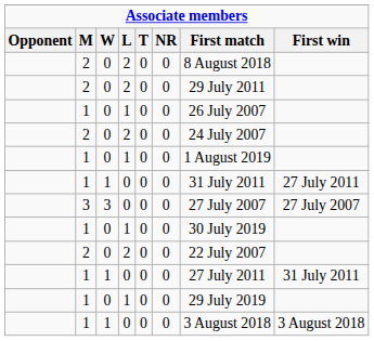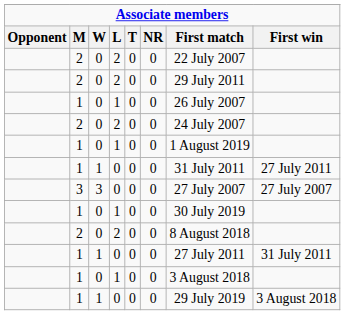 <table class="wikitable" style="text-align: center;">
 <tr>
 </tr>
 <tr>
 <td colspan="30" style="text-align: center;"><strong><a href='#'>Associate members</a></strong></td>
 </tr>
 <tr>
 <th>Opponent</th>
 <th>M</th>
 <th>W</th>
 <th>L</th>
 <th>T</th>
 <th>NR</th>
 <th>First match</th>
 <th>First win</th>
 </tr>
 <tr>
 <td></td>
 <td>2</td>
 <td>0</td>
 <td>2</td>
 <td>0</td>
 <td>0</td>
-<td>8 August 2018</td>
+<td>22 July 2007</td>
 <td></td>
 </tr>
 <tr>
 <td></td>
 <td>2</td>
 <td>0</td>
 <td>2</td>
 <td>0</td>
 <td>0</td>
 <td>29 July 2011</td>
 <td></td>
 </tr>
 <tr>
 <td></td>
 <td>1</td>
 <td>0</td>
 <td>1</td>
 <td>0</td>
 <td>0</td>
 <td>26 July 2007</td>
 <td></td>
 </tr>
 <tr>
 <td></td>
 <td>2</td>
 <td>0</td>
 <td>2</td>
 <td>0</td>
 <td>0</td>
 <td>24 July 2007</td>
 <td></td>
 </tr>
 <tr>
 <td></td>
 <td>1</td>
 <td>0</td>
 <td>1</td>
 <td>0</td>
 <td>0</td>
 <td>1 August 2019</td>
 <td></td>
 </tr>
 <tr>
 <td></td>
 <td>1</td>
 <td>1</td>
 <td>0</td>
 <td>0</td>
 <td>0</td>
 <td>31 July 2011</td>
 <td>27 July 2011</td>
 </tr>
 <tr>
 <td></td>
 <td>3</td>
 <td>3</td>
 <td>0</td>
 <td>0</td>
 <td>0</td>
 <td>27 July 2007</td>
 <td>27 July 2007</td>
 </tr>
 <tr>
 <td></td>
 <td>1</td>
 <td>0</td>
 <td>1</td>
 <td>0</td>
 <td>0</td>
 <td>30 July 2019</td>
 <td></td>
 </tr>
 <tr>
 <td></td>
 <td>2</td>
 <td>0</td>
 <td>2</td>
 <td>0</td>
 <td>0</td>
-<td>22 July 2007</td>
+<td>8 August 2018</td>
 <td></td>
 </tr>
 <tr>
 <td></td>
 <td>1</td>
 <td>1</td>
 <td>0</td>
 <td>0</td>
 <td>0</td>
 <td>27 July 2011</td>
 <td>31 July 2011</td>
 </tr>
 <tr>
 <td></td>
 <td>1</td>
 <td>0</td>
 <td>1</td>
 <td>0</td>
 <td>0</td>
-<td>29 July 2019</td>
+<td>3 August 2018</td>
 <td></td>
 </tr>
 <tr>
 <td></td>
 <td>1</td>
 <td>1</td>
 <td>0</td>
 <td>0</td>
 <td>0</td>
-<td>3 August 2018</td>
+<td>29 July 2019</td>
 <td>3 August 2018</td>
 </tr>
 </table>
